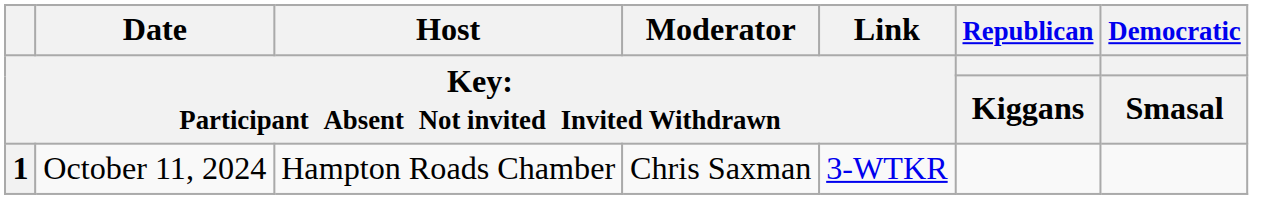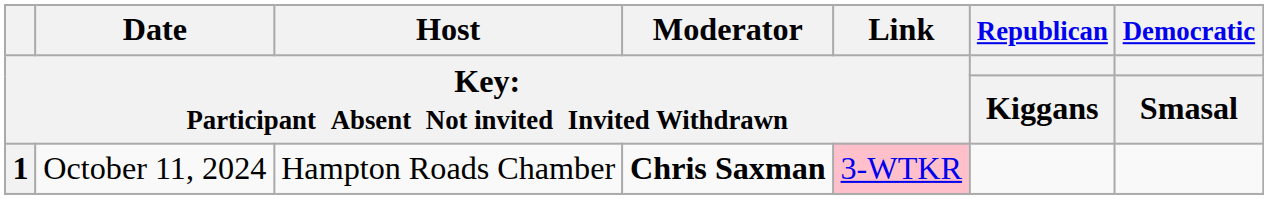 <table class="wikitable" style="text-align:center;">
 <tr>
 <th scope="col"></th>
 <th scope="col">Date</th>
 <th scope="col">Host</th>
 <th scope="col">Moderator</th>
 <th scope="col">Link</th>
 <th scope="col"><small><a href='#'>Republican</a></small></th>
 <th scope="col"><small><a href='#'>Democratic</a></small></th>
 </tr>
 <tr>
 <th colspan="5" rowspan="2">Key:<br> <small>Participant </small>  <small>Absent </small>  <small>Not invited </small>  <small>Invited  Withdrawn</small></th>
 <th scope="col" style="background:"></th>
 <th scope="col" style="background:"></th>
 </tr>
 <tr>
 <th scope="col">Kiggans</th>
 <th scope="col">Smasal</th>
 </tr>
 <tr>
 <th>1</th>
 <td style="white-space:nowrap;">October 11, 2024</td>
 <td style="white-space:nowrap;">Hampton Roads Chamber</td>
-<td style="white-space:nowrap;">Chris Saxman</td>
-<td style="white-space:nowrap;"><a href='#'>3-WTKR</a></td>
+<td style="white-space:nowrap;"><strong>Chris Saxman</strong></td>
+<td style="background: pink; white-space:nowrap;"><a href='#'>3-WTKR</a></td>
 <td></td>
 <td></td>
 </tr>
 </table>
